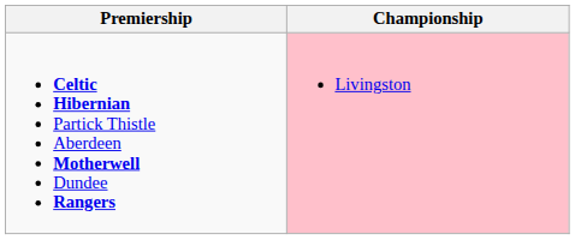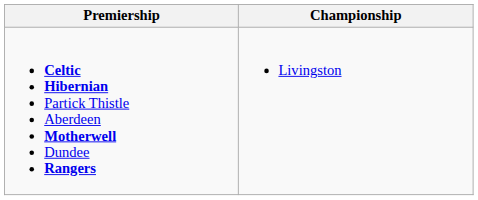 <table class="wikitable">
 <tr>
 <th style="width:250px;">Premiership</th>
 <th style="width:250px;">Championship</th>
 </tr>
 <tr>
 <td valign=top><br><ul><li><strong><a href='#'>Celtic</a></strong></li><li><strong><a href='#'>Hibernian</a></strong></li><li><a href='#'>Partick Thistle</a></li><li><a href='#'>Aberdeen</a></li><li><strong><a href='#'>Motherwell</a></strong></li><li><a href='#'>Dundee</a></li><li><strong><a href='#'>Rangers</a></strong></li></ul></td>
-<td valign=top style="background: pink;"><br><ul><li><a href='#'>Livingston</a></li></ul></td>
+<td valign=top><br><ul><li><a href='#'>Livingston</a></li></ul></td>
 </tr>
 </table>
